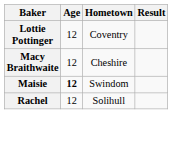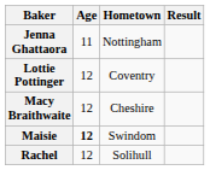 <table class="wikitable sortable" style="display:inline-table; text-align:center">
 <tr>
 <th scope="col">Baker</th>
 <th scope="col">Age</th>
 <th scope="col">Hometown</th>
 <th scope="col">Result</th>
+</tr>
+<tr>
+<th scope="row">Jenna<br>Ghattaora</th>
+<td>11</td>
+<td>Nottingham</td>
+<td></td>
 </tr>
 <tr>
 <th scope="row">Lottie<br>Pottinger</th>
 <td>12</td>
 <td>Coventry</td>
 <td></td>
 </tr>
 <tr>
 <th scope="row">Macy<br>Braithwaite</th>
 <td>12</td>
 <td>Cheshire</td>
 <td></td>
 </tr>
 <tr>
 <th scope="row">Maisie</th>
 <td><strong>12</strong></td>
 <td>Swindom</td>
 <td></td>
 </tr>
 <tr>
 <th scope="row">Rachel</th>
 <td>12</td>
 <td>Solihull</td>
 <td></td>
 </tr>
 </table>
